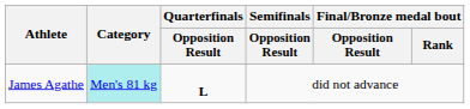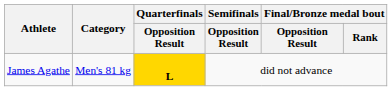 <table class="wikitable" style="text-align:center; font-size:90%">
 <tr>
 <th rowspan=2>Athlete</th>
 <th rowspan=2>Category</th>
 <th>Quarterfinals</th>
 <th>Semifinals</th>
 <th colspan=2>Final/Bronze medal bout</th>
 </tr>
 <tr style="font-size:95%">
 <th>Opposition<br>Result</th>
 <th>Opposition<br>Result</th>
 <th>Opposition<br>Result</th>
 <th>Rank</th>
 </tr>
 <tr>
 <td align=left><a href='#'>James Agathe</a></td>
-<td align=left style="background: paleturquoise;"><a href='#'>Men's 81 kg</a></td>
-<td><br><strong>L</strong> </td>
+<td align=left><a href='#'>Men's 81 kg</a></td>
+<td style="background: gold;"><br><strong>L</strong> </td>
 <td colspan=3>did not advance</td>
 </tr>
 </table>
